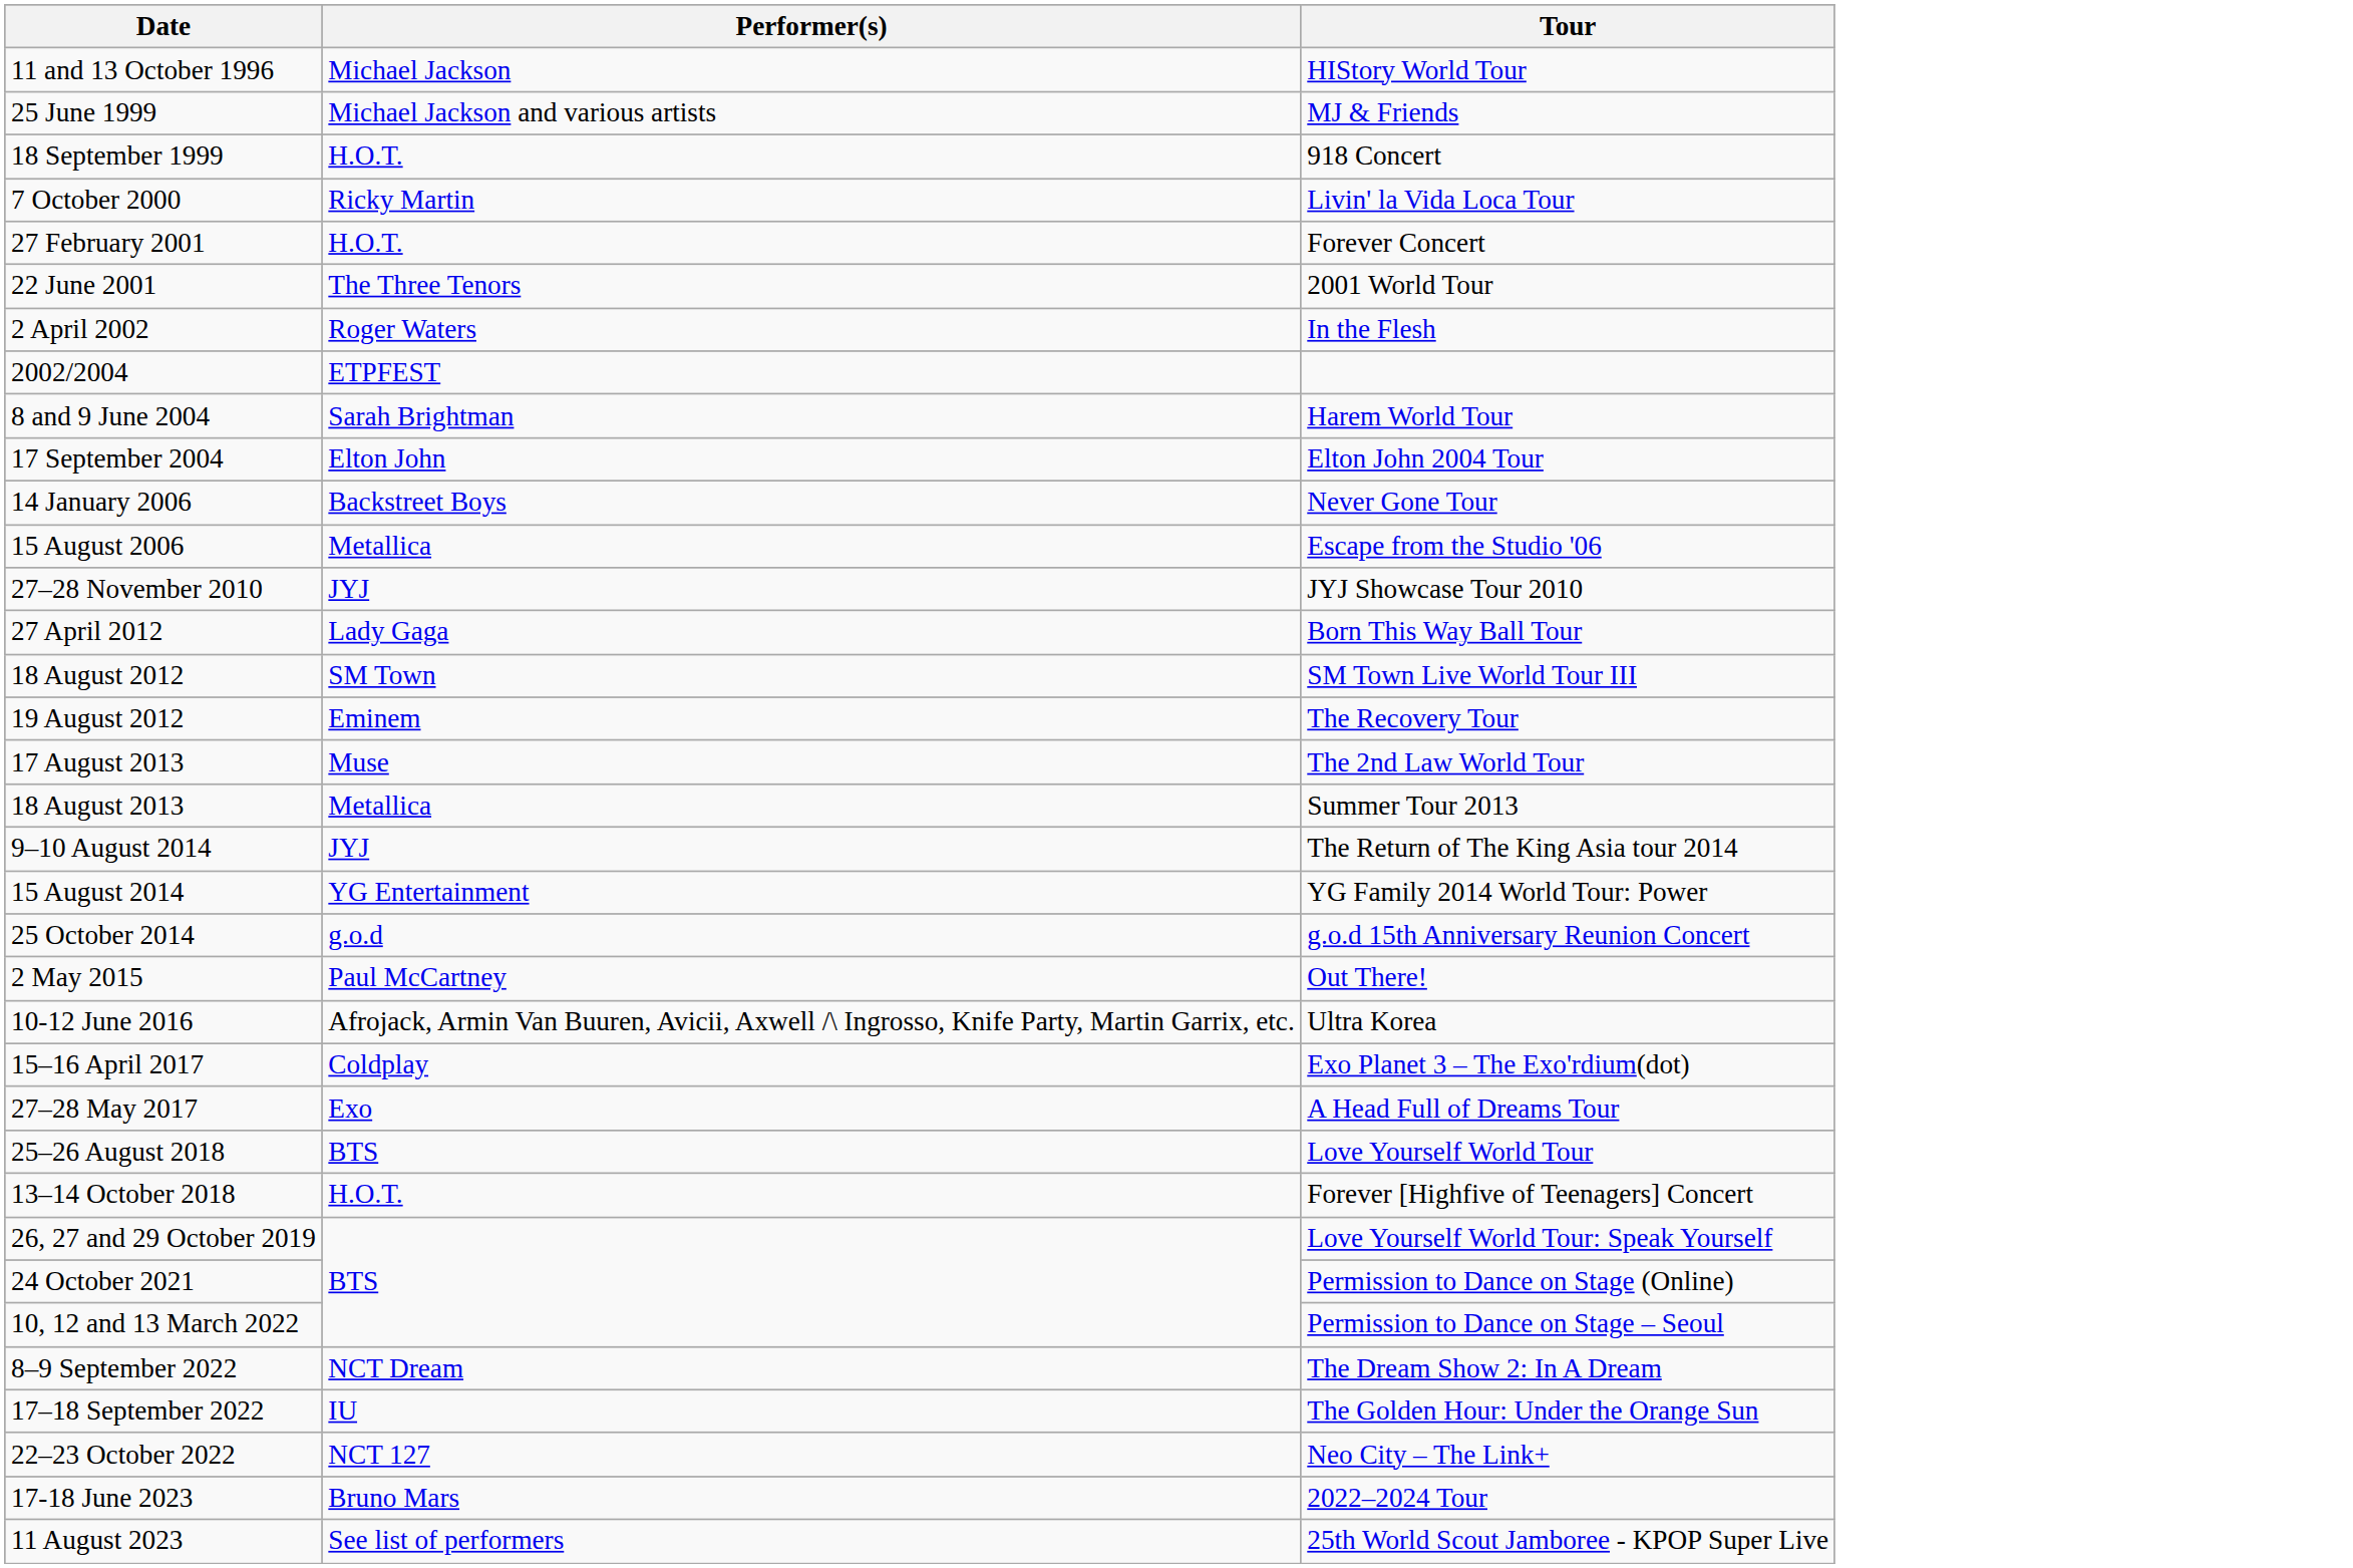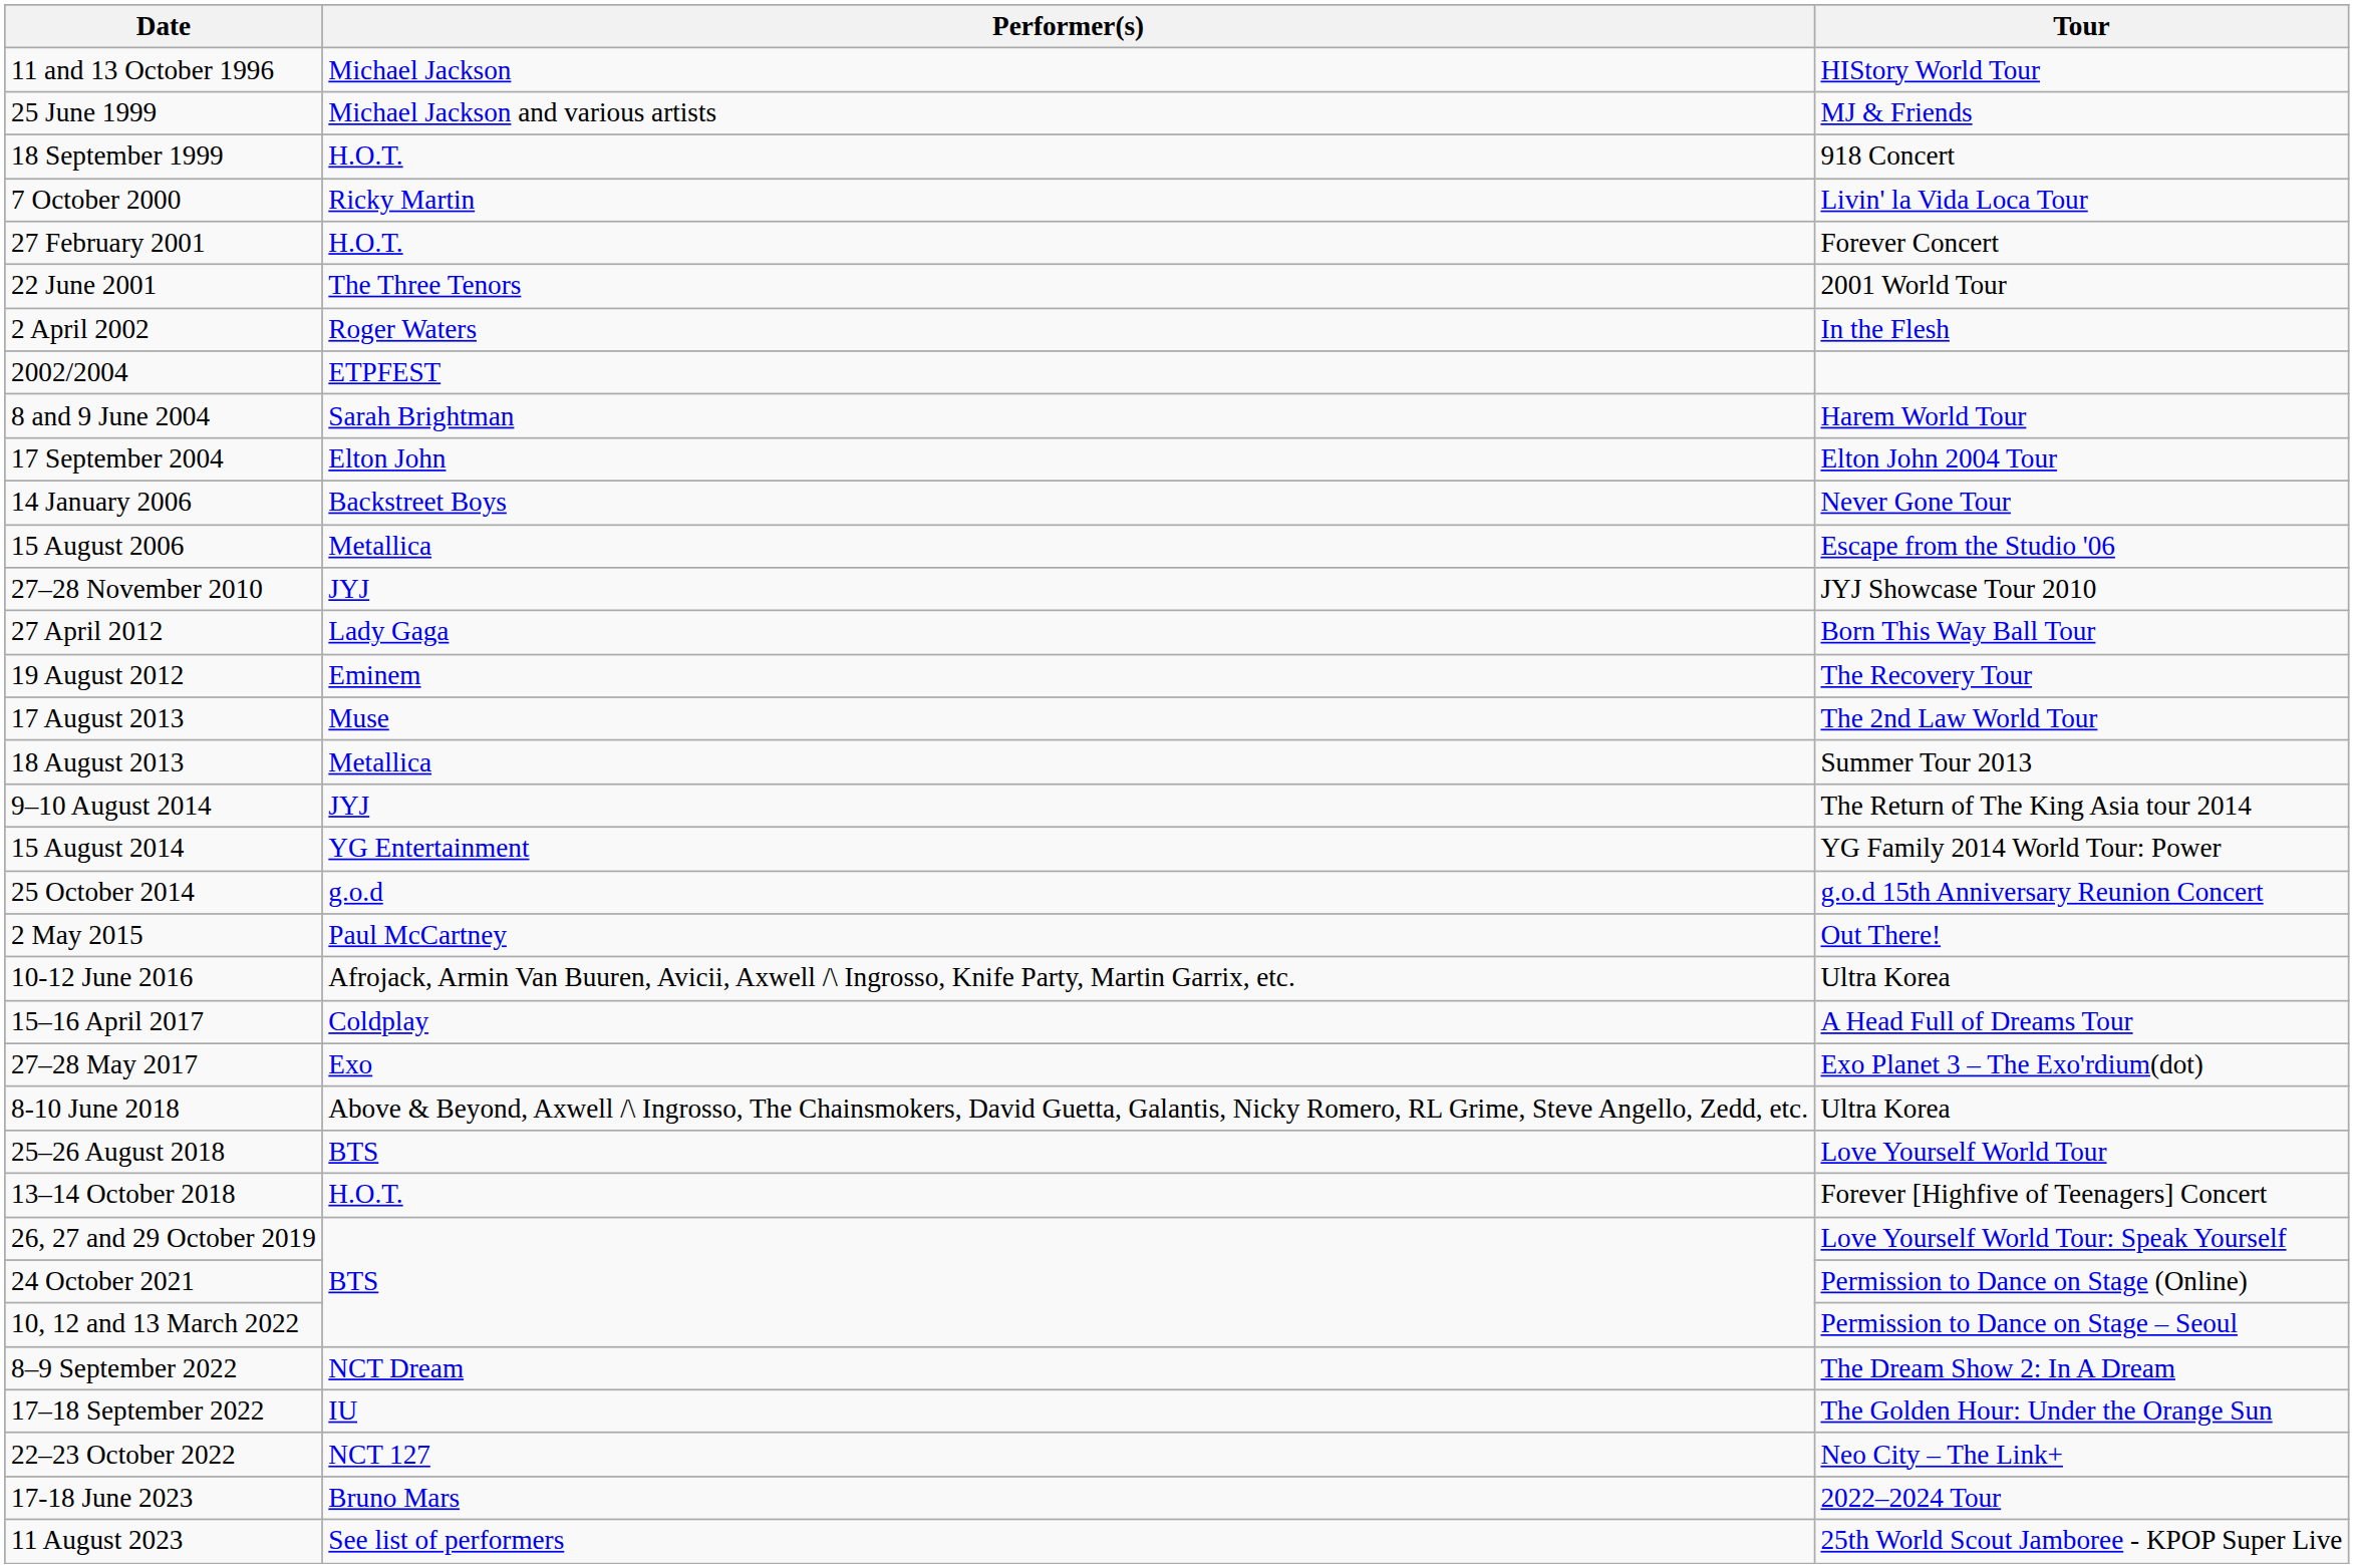 <table class="wikitable sortable">
 <tr>
 <th>Date</th>
 <th>Performer(s)</th>
 <th>Tour</th>
 </tr>
 <tr>
 <td style="text-align: left;">11 and 13 October 1996</td>
 <td style="text-align: left;"><a href='#'>Michael Jackson</a></td>
 <td style="text-align: left;"><a href='#'>HIStory World Tour</a></td>
 </tr>
 <tr>
 <td style="text-align: left;">25 June 1999</td>
 <td style="text-align: left;"><a href='#'>Michael Jackson</a> and various artists</td>
 <td style="text-align: left;"><a href='#'>MJ & Friends</a></td>
 </tr>
 <tr>
 <td style="text-align: left;">18 September 1999</td>
 <td style="text-align: left;"><a href='#'>H.O.T.</a></td>
 <td style="text-align: left;">918 Concert</td>
 </tr>
 <tr>
 <td style="text-align: left;">7 October 2000</td>
 <td style="text-align: left;"><a href='#'>Ricky Martin</a></td>
 <td style="text-align: left;"><a href='#'>Livin' la Vida Loca Tour</a></td>
 </tr>
 <tr>
 <td style="text-align: left;">27 February 2001</td>
 <td style="text-align: left;"><a href='#'>H.O.T.</a></td>
 <td style="text-align: left;">Forever Concert</td>
 </tr>
 <tr>
 <td style="text-align: left;">22 June 2001</td>
 <td style="text-align: left;"><a href='#'>The Three Tenors</a></td>
 <td style="text-align: left;">2001 World Tour</td>
 </tr>
 <tr>
 <td style="text-align: left;">2 April 2002</td>
 <td style="text-align: left;"><a href='#'>Roger Waters</a></td>
 <td style="text-align: left;"><a href='#'>In the Flesh</a></td>
 </tr>
 <tr>
 <td style="text-align: left;">2002/2004</td>
 <td style="text-align: left;"><a href='#'>ETPFEST</a></td>
 <td style="text-align: left;"></td>
 </tr>
 <tr>
 <td style="text-align: left;">8 and 9 June 2004</td>
 <td style="text-align: left;"><a href='#'>Sarah Brightman</a></td>
 <td style="text-align: left;"><a href='#'>Harem World Tour</a></td>
 </tr>
 <tr>
 <td style="text-align: left;">17 September 2004</td>
 <td style="text-align: left;"><a href='#'>Elton John</a></td>
 <td style="text-align: left;"><a href='#'>Elton John 2004 Tour</a></td>
 </tr>
 <tr>
 <td style="text-align: left;">14 January 2006</td>
 <td style="text-align: left;"><a href='#'>Backstreet Boys</a></td>
 <td style="text-align: left;"><a href='#'>Never Gone Tour</a></td>
 </tr>
 <tr>
 <td style="text-align: left;">15 August 2006</td>
 <td style="text-align: left;"><a href='#'>Metallica</a></td>
 <td style="text-align: left;"><a href='#'>Escape from the Studio '06</a></td>
 </tr>
 <tr>
 <td style="text-align: left;">27–28 November 2010</td>
 <td style="text-align: left;"><a href='#'>JYJ</a></td>
 <td style="text-align: left;">JYJ Showcase Tour 2010</td>
 </tr>
 <tr>
 <td style="text-align: left;">27 April 2012</td>
 <td style="text-align: left;"><a href='#'>Lady Gaga</a></td>
 <td style="text-align: left;"><a href='#'>Born This Way Ball Tour</a></td>
 </tr>
 <tr>
-<td style="text-align: left;">18 August 2012</td>
-<td style="text-align: left;"><a href='#'>SM Town</a></td>
-<td style="text-align: left;"><a href='#'>SM Town Live World Tour III</a></td>
-</tr>
-<tr>
 <td>19 August 2012</td>
 <td><a href='#'>Eminem</a></td>
 <td><a href='#'>The Recovery Tour</a></td>
 </tr>
 <tr>
 <td style="text-align: left;">17 August 2013</td>
 <td style="text-align: left;"><a href='#'>Muse</a></td>
 <td style="text-align: left;"><a href='#'>The 2nd Law World Tour</a></td>
 </tr>
 <tr>
 <td style="text-align: left;">18 August 2013</td>
 <td style="text-align: left;"><a href='#'>Metallica</a></td>
 <td style="text-align: left;">Summer Tour 2013</td>
 </tr>
 <tr>
 <td style="text-align: left;">9–10 August 2014</td>
 <td style="text-align: left;"><a href='#'>JYJ</a></td>
 <td style="text-align: left;">The Return of The King Asia tour 2014</td>
 </tr>
 <tr>
 <td style="text-align: left;">15 August 2014</td>
 <td style="text-align: left;"><a href='#'>YG Entertainment</a></td>
 <td style="text-align: left;">YG Family 2014 World Tour: Power</td>
 </tr>
 <tr>
 <td style="text-align: left;">25 October 2014</td>
 <td style="text-align: left;"><a href='#'>g.o.d</a></td>
 <td style="text-align: left;"><a href='#'>g.o.d 15th Anniversary Reunion Concert</a></td>
 </tr>
 <tr>
 <td style="text-align: left;">2 May 2015</td>
 <td style="text-align: left;"><a href='#'>Paul McCartney</a></td>
 <td style="text-align: left;"><a href='#'>Out There!</a></td>
 </tr>
 <tr>
 <td style="text-align: left;">10-12 June 2016</td>
 <td style="text-align: left;">Afrojack, Armin Van Buuren, Avicii, Axwell /\ Ingrosso, Knife Party, Martin Garrix, etc.</td>
 <td style="text-align: left;">Ultra Korea</td>
 </tr>
 <tr>
 <td style="text-align: left;">15–16 April 2017</td>
 <td style="text-align: left;"><a href='#'>Coldplay</a></td>
-<td style="text-align: left;"><a href='#'>Exo Planet 3 – The Exo'rdium</a>(dot)</td>
+<td style="text-align: left;"><a href='#'>A Head Full of Dreams Tour</a></td>
 </tr>
 <tr>
 <td style="text-align: left;">27–28 May 2017</td>
 <td style="text-align: left;"><a href='#'>Exo</a></td>
-<td style="text-align: left;"><a href='#'>A Head Full of Dreams Tour</a></td>
+<td style="text-align: left;"><a href='#'>Exo Planet 3 – The Exo'rdium</a>(dot)</td>
+</tr>
+<tr>
+<td style="text-align: left;">8-10 June 2018</td>
+<td style="text-align: left;">Above & Beyond, Axwell /\ Ingrosso, The Chainsmokers, David Guetta, Galantis, Nicky Romero, RL Grime, Steve Angello, Zedd, etc.</td>
+<td style="text-align: left;">Ultra Korea</td>
 </tr>
 <tr>
 <td style="text-align: left;">25–26 August 2018</td>
 <td style="text-align: left;"><a href='#'>BTS</a></td>
 <td style="text-align: left;"><a href='#'>Love Yourself World Tour</a></td>
 </tr>
 <tr>
 <td style="text-align: left;">13–14 October 2018</td>
 <td style="text-align: left;"><a href='#'>H.O.T.</a></td>
 <td style="text-align: left;">Forever [Highfive of Teenagers] Concert</td>
 </tr>
 <tr>
 <td style="text-align: left;">26, 27 and 29 October 2019</td>
 <td rowspan="3" style="text-align: left;"><a href='#'>BTS</a></td>
 <td style="text-align: left;"><a href='#'>Love Yourself World Tour: Speak Yourself</a></td>
 </tr>
 <tr>
 <td style="text-align: left;">24 October 2021</td>
 <td style="text-align: left;"><a href='#'>Permission to Dance on Stage</a> (Online)</td>
 </tr>
 <tr>
 <td style="text=align: left;">10, 12 and 13 March 2022</td>
 <td style="text-align: left;"><a href='#'>Permission to Dance on Stage – Seoul</a></td>
 </tr>
 <tr>
 <td style="text-align: left;">8–9 September 2022</td>
 <td style="text-align: left;"><a href='#'>NCT Dream</a></td>
 <td style="text-align: left;"><a href='#'>The Dream Show 2: In A Dream</a></td>
 </tr>
 <tr>
 <td style="text-align: left;">17–18 September 2022</td>
 <td style="text-align: left;"><a href='#'>IU</a></td>
 <td style="text-align: left;"><a href='#'>The Golden Hour: Under the Orange Sun</a></td>
 </tr>
 <tr>
 <td style="text-align: left;">22–23 October 2022</td>
 <td style="text-align: left;"><a href='#'>NCT 127</a></td>
 <td style="text-align: left;"><a href='#'>Neo City – The Link+</a></td>
 </tr>
 <tr>
 <td>17-18 June 2023</td>
 <td><a href='#'>Bruno Mars</a></td>
 <td><a href='#'>2022–2024 Tour</a></td>
 </tr>
 <tr>
 <td>11 August 2023</td>
 <td><a href='#'>See list of performers</a></td>
 <td><a href='#'>25th World Scout Jamboree</a> - KPOP Super Live</td>
 </tr>
 </table>
